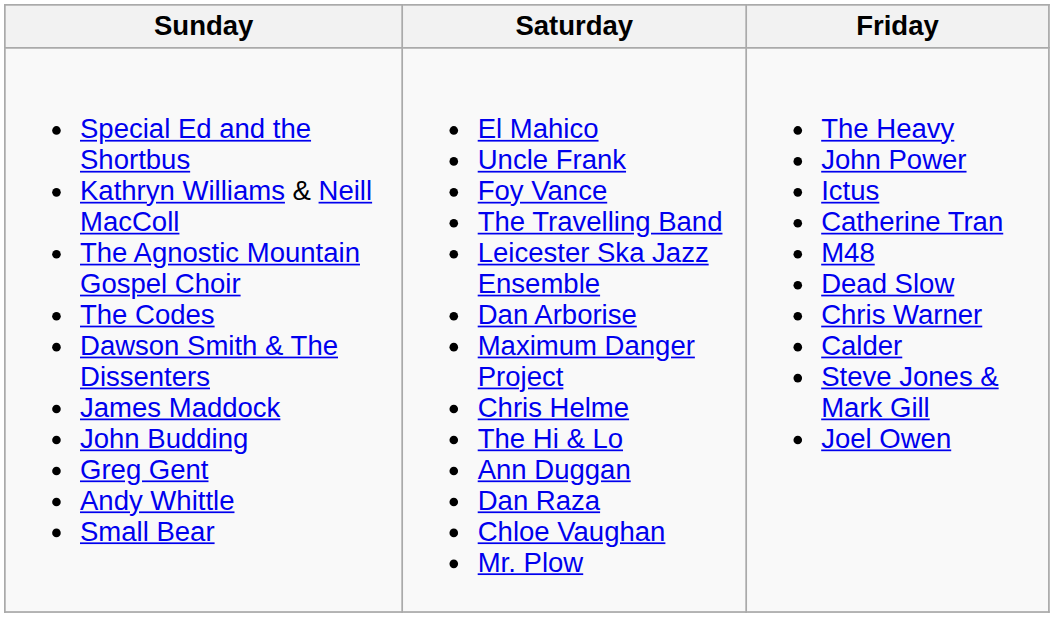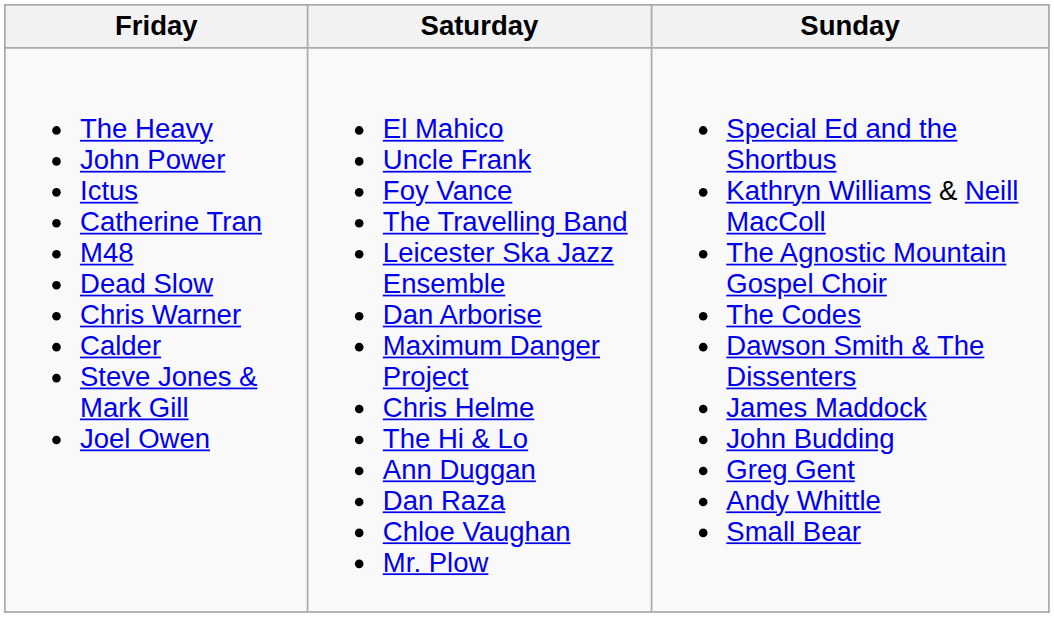 <table class="wikitable">
 <tr>
+<th>Friday</th>
+<th>Saturday</th>
 <th>Sunday</th>
-<th>Saturday</th>
-<th>Friday</th>
 </tr>
 <tr>
+<td valign=top><br><ul><li><a href='#'>The Heavy</a></li><li><a href='#'>John Power</a></li><li><a href='#'>Ictus</a></li><li><a href='#'>Catherine Tran</a></li><li><a href='#'>M48</a></li><li><a href='#'>Dead Slow</a></li><li><a href='#'>Chris Warner</a></li><li><a href='#'>Calder</a></li><li><a href='#'>Steve Jones & Mark Gill</a></li><li><a href='#'>Joel Owen</a></li></ul></td>
+<td valign=top><br><ul><li><a href='#'>El Mahico</a></li><li><a href='#'>Uncle Frank</a></li><li><a href='#'>Foy Vance</a></li><li><a href='#'>The Travelling Band</a></li><li><a href='#'>Leicester Ska Jazz Ensemble</a></li><li><a href='#'>Dan Arborise</a></li><li><a href='#'>Maximum Danger Project</a></li><li><a href='#'>Chris Helme</a></li><li><a href='#'>The Hi & Lo</a></li><li><a href='#'>Ann Duggan</a></li><li><a href='#'>Dan Raza</a></li><li><a href='#'>Chloe Vaughan</a></li><li><a href='#'>Mr. Plow</a></li></ul></td>
 <td valign=top><br><ul><li><a href='#'>Special Ed and the Shortbus</a></li><li><a href='#'>Kathryn Williams</a> & <a href='#'>Neill MacColl</a></li><li><a href='#'>The Agnostic Mountain Gospel Choir</a></li><li><a href='#'>The Codes</a></li><li><a href='#'>Dawson Smith & The Dissenters</a></li><li><a href='#'>James Maddock</a></li><li><a href='#'>John Budding</a></li><li><a href='#'>Greg Gent</a></li><li><a href='#'>Andy Whittle</a></li><li><a href='#'>Small Bear</a></li></ul></td>
-<td valign=top><br><ul><li><a href='#'>El Mahico</a></li><li><a href='#'>Uncle Frank</a></li><li><a href='#'>Foy Vance</a></li><li><a href='#'>The Travelling Band</a></li><li><a href='#'>Leicester Ska Jazz Ensemble</a></li><li><a href='#'>Dan Arborise</a></li><li><a href='#'>Maximum Danger Project</a></li><li><a href='#'>Chris Helme</a></li><li><a href='#'>The Hi & Lo</a></li><li><a href='#'>Ann Duggan</a></li><li><a href='#'>Dan Raza</a></li><li><a href='#'>Chloe Vaughan</a></li><li><a href='#'>Mr. Plow</a></li></ul></td>
-<td valign=top><br><ul><li><a href='#'>The Heavy</a></li><li><a href='#'>John Power</a></li><li><a href='#'>Ictus</a></li><li><a href='#'>Catherine Tran</a></li><li><a href='#'>M48</a></li><li><a href='#'>Dead Slow</a></li><li><a href='#'>Chris Warner</a></li><li><a href='#'>Calder</a></li><li><a href='#'>Steve Jones & Mark Gill</a></li><li><a href='#'>Joel Owen</a></li></ul></td>
 </tr>
 </table>
